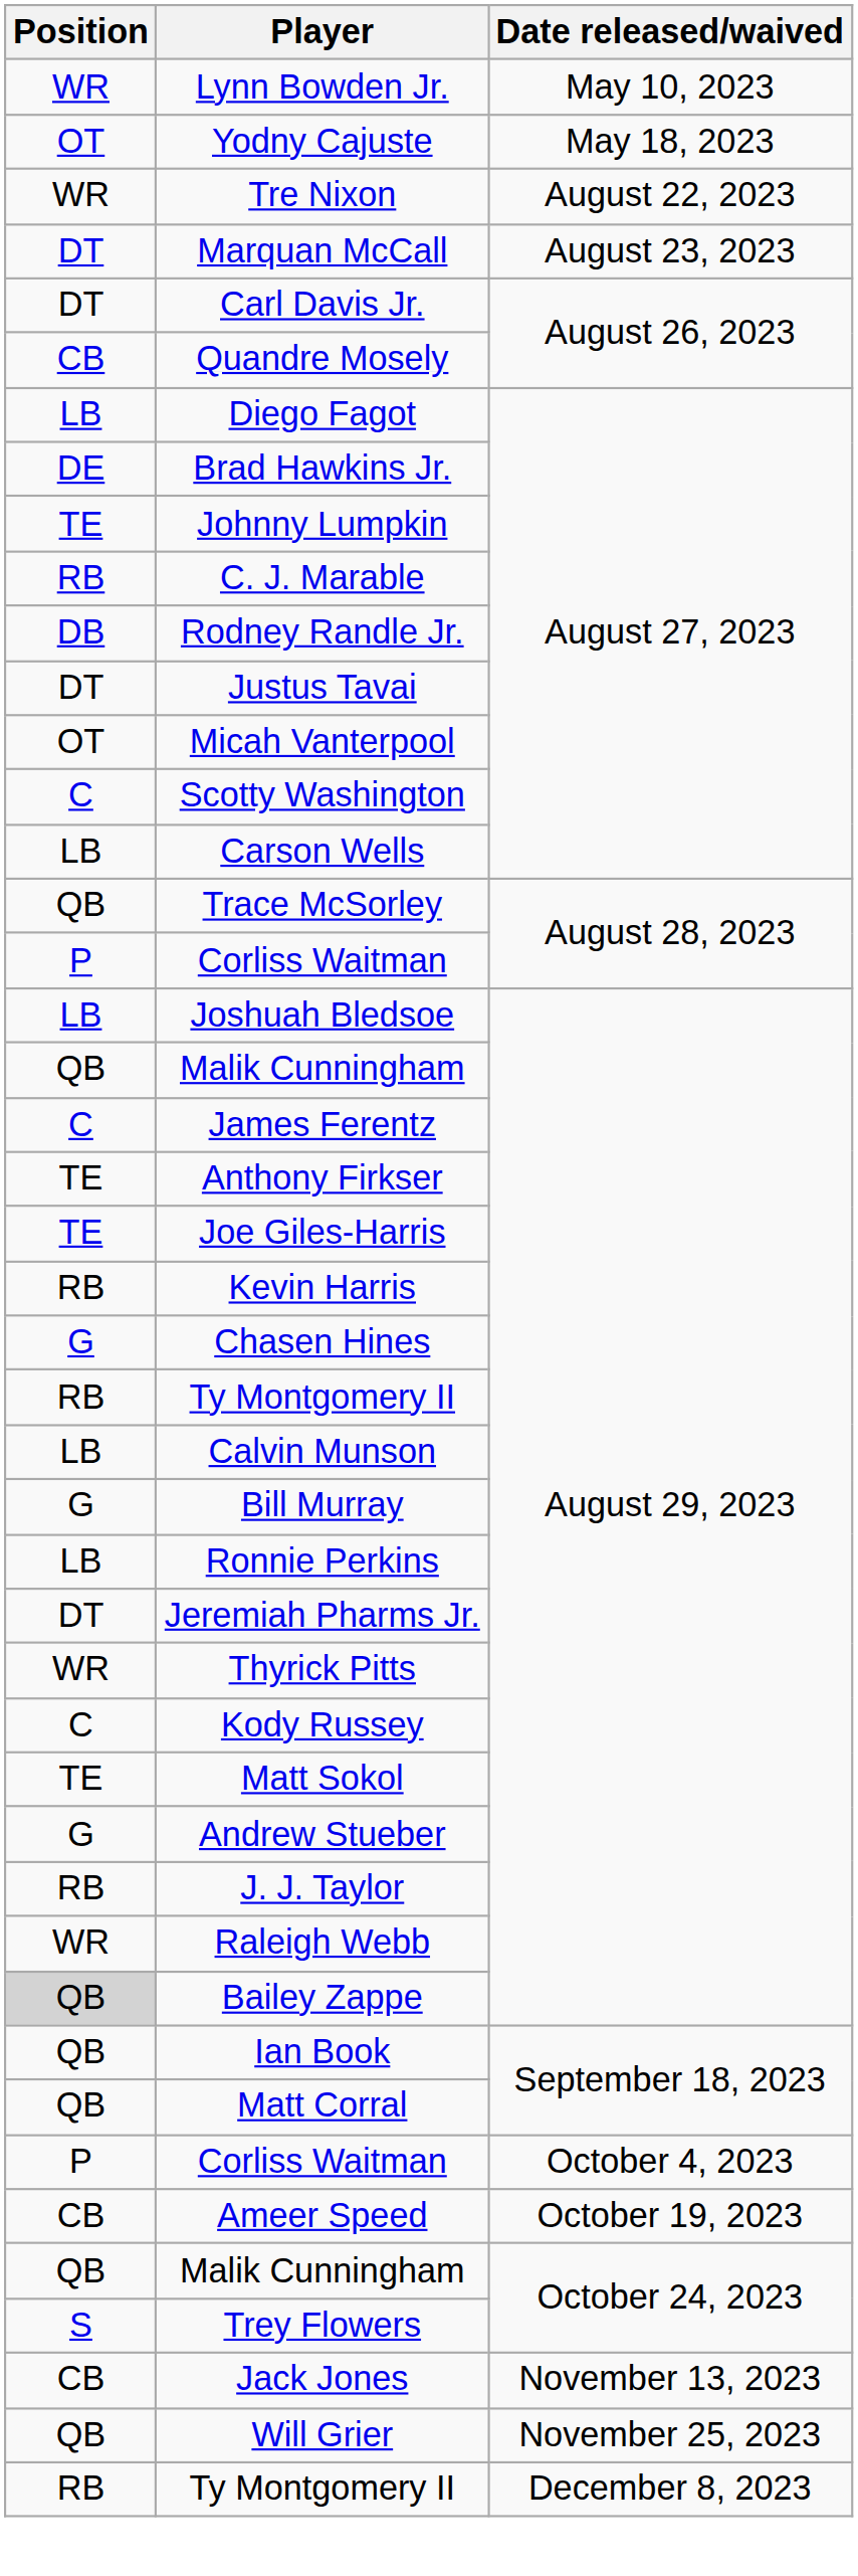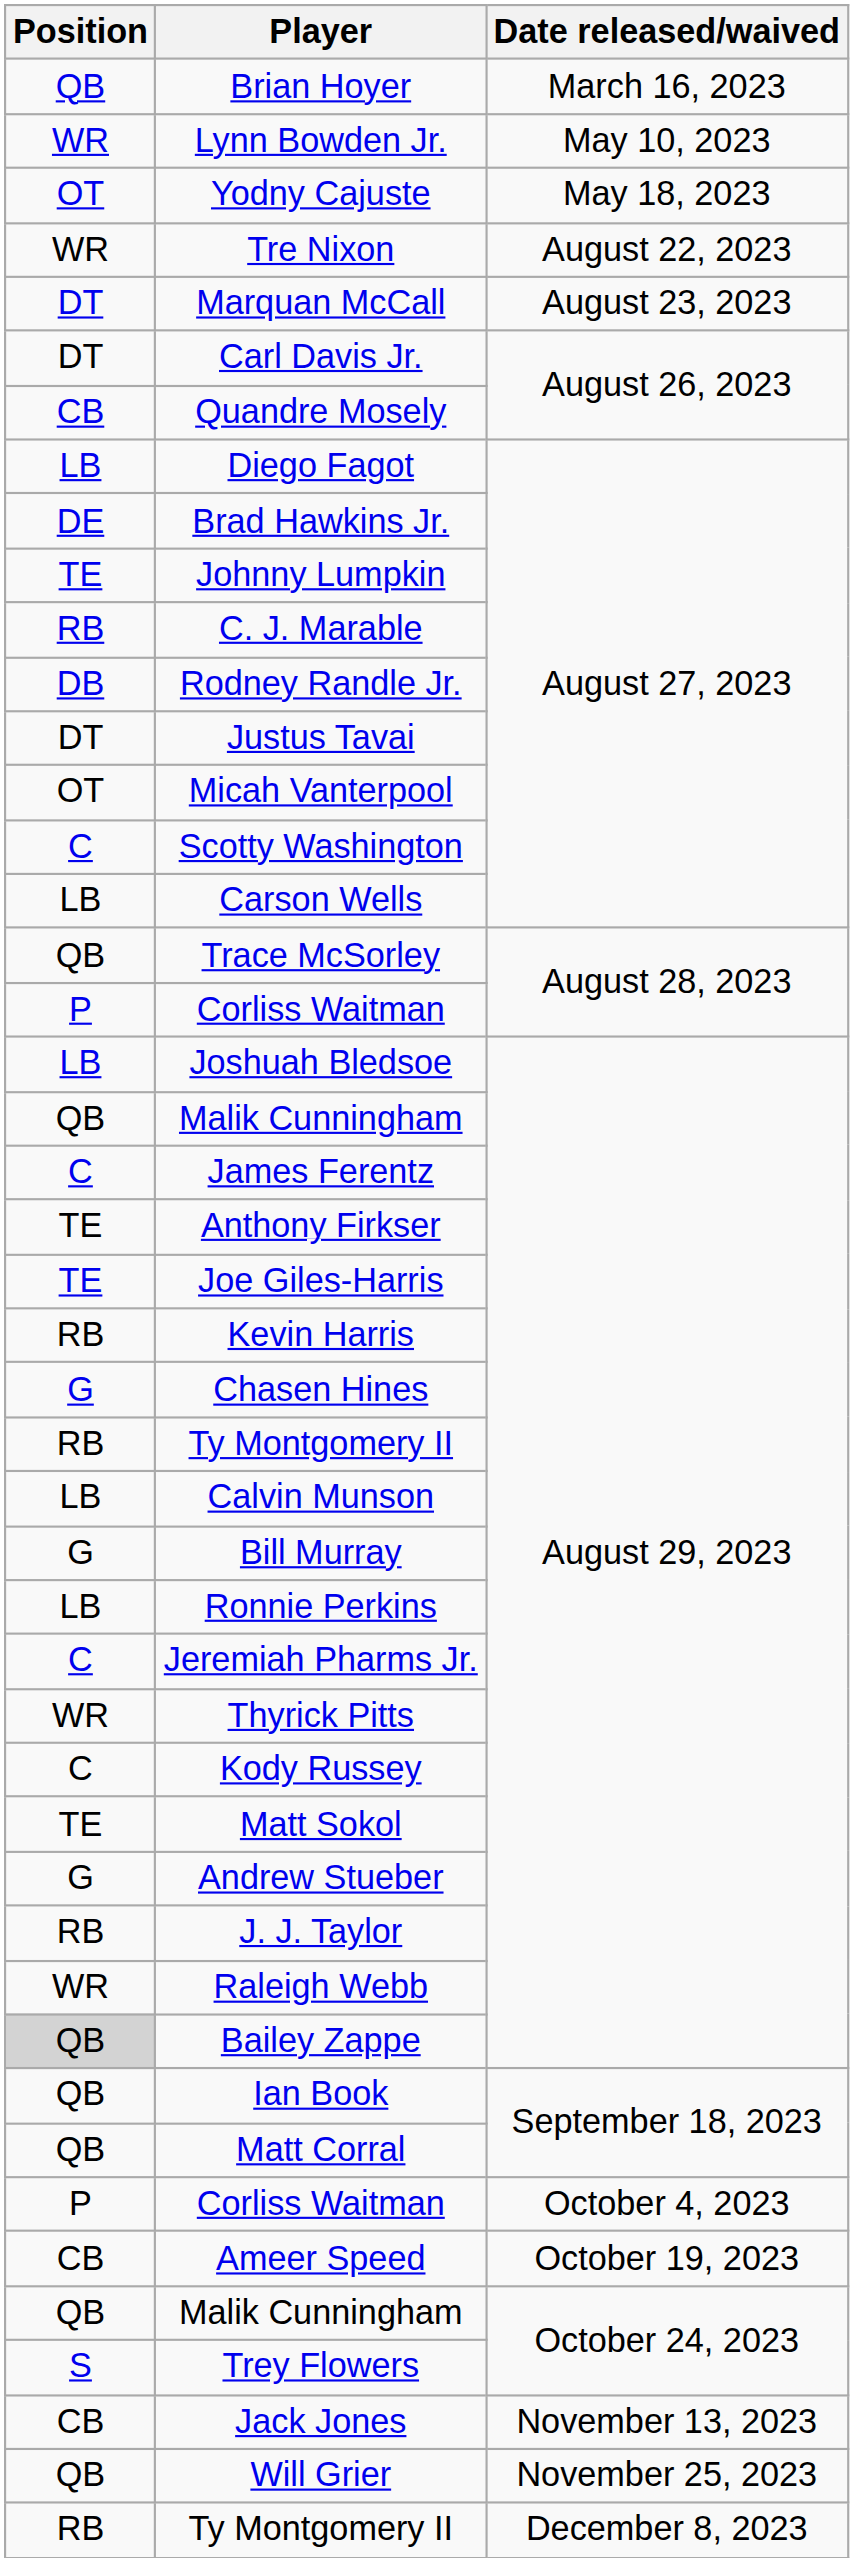 <table class="wikitable" style="text-align:center">
 <tr>
 <th>Position</th>
 <th>Player</th>
 <th>Date released/waived</th>
+</tr>
+<tr>
+<td><a href='#'>QB</a></td>
+<td><a href='#'>Brian Hoyer</a></td>
+<td>March 16, 2023</td>
 </tr>
 <tr>
 <td><a href='#'>WR</a></td>
 <td><a href='#'>Lynn Bowden Jr.</a></td>
 <td>May 10, 2023</td>
 </tr>
 <tr>
 <td><a href='#'>OT</a></td>
 <td><a href='#'>Yodny Cajuste</a></td>
 <td>May 18, 2023</td>
 </tr>
 <tr>
 <td>WR</td>
 <td><a href='#'>Tre Nixon</a></td>
 <td>August 22, 2023</td>
 </tr>
 <tr>
 <td><a href='#'>DT</a></td>
 <td><a href='#'>Marquan McCall</a></td>
 <td>August 23, 2023</td>
 </tr>
 <tr>
 <td>DT</td>
 <td><a href='#'>Carl Davis Jr.</a></td>
 <td rowspan="2">August 26, 2023</td>
 </tr>
 <tr>
 <td><a href='#'>CB</a></td>
 <td><a href='#'>Quandre Mosely</a></td>
 </tr>
 <tr>
 <td><a href='#'>LB</a></td>
 <td><a href='#'>Diego Fagot</a></td>
 <td rowspan="9">August 27, 2023</td>
 </tr>
 <tr>
 <td><a href='#'>DE</a></td>
 <td><a href='#'>Brad Hawkins Jr.</a></td>
 </tr>
 <tr>
 <td><a href='#'>TE</a></td>
 <td><a href='#'>Johnny Lumpkin</a></td>
 </tr>
 <tr>
 <td><a href='#'>RB</a></td>
 <td><a href='#'>C. J. Marable</a></td>
 </tr>
 <tr>
 <td><a href='#'>DB</a></td>
 <td><a href='#'>Rodney Randle Jr.</a></td>
 </tr>
 <tr>
 <td>DT</td>
 <td><a href='#'>Justus Tavai</a></td>
 </tr>
 <tr>
 <td>OT</td>
 <td><a href='#'>Micah Vanterpool</a></td>
 </tr>
 <tr>
 <td><a href='#'>C</a></td>
 <td><a href='#'>Scotty Washington</a></td>
 </tr>
 <tr>
 <td>LB</td>
 <td><a href='#'>Carson Wells</a></td>
 </tr>
 <tr>
 <td>QB</td>
 <td><a href='#'>Trace McSorley</a></td>
 <td rowspan="2">August 28, 2023</td>
 </tr>
 <tr>
 <td><a href='#'>P</a></td>
 <td><a href='#'>Corliss Waitman</a></td>
 </tr>
 <tr>
 <td><a href='#'>LB</a></td>
 <td><a href='#'>Joshuah Bledsoe</a></td>
 <td rowspan="19">August 29, 2023</td>
 </tr>
 <tr>
 <td>QB</td>
 <td><a href='#'>Malik Cunningham</a></td>
 </tr>
 <tr>
 <td><a href='#'>C</a></td>
 <td><a href='#'>James Ferentz</a></td>
 </tr>
 <tr>
 <td>TE</td>
 <td><a href='#'>Anthony Firkser</a></td>
 </tr>
 <tr>
 <td><a href='#'>TE</a></td>
 <td><a href='#'>Joe Giles-Harris</a></td>
 </tr>
 <tr>
 <td>RB</td>
 <td><a href='#'>Kevin Harris</a></td>
 </tr>
 <tr>
 <td><a href='#'>G</a></td>
 <td><a href='#'>Chasen Hines</a></td>
 </tr>
 <tr>
 <td>RB</td>
 <td><a href='#'>Ty Montgomery II</a></td>
 </tr>
 <tr>
 <td>LB</td>
 <td><a href='#'>Calvin Munson</a></td>
 </tr>
 <tr>
 <td>G</td>
 <td><a href='#'>Bill Murray</a></td>
 </tr>
 <tr>
 <td>LB</td>
 <td><a href='#'>Ronnie Perkins</a></td>
 </tr>
 <tr>
-<td>DT</td>
+<td><a href='#'>C</a></td>
 <td><a href='#'>Jeremiah Pharms Jr.</a></td>
 </tr>
 <tr>
 <td>WR</td>
 <td><a href='#'>Thyrick Pitts</a></td>
 </tr>
 <tr>
 <td>C</td>
 <td><a href='#'>Kody Russey</a></td>
 </tr>
 <tr>
 <td>TE</td>
 <td><a href='#'>Matt Sokol</a></td>
 </tr>
 <tr>
 <td>G</td>
 <td><a href='#'>Andrew Stueber</a></td>
 </tr>
 <tr>
 <td>RB</td>
 <td><a href='#'>J. J. Taylor</a></td>
 </tr>
 <tr>
 <td>WR</td>
 <td><a href='#'>Raleigh Webb</a></td>
 </tr>
 <tr>
 <td style="background: lightgrey;">QB</td>
 <td><a href='#'>Bailey Zappe</a></td>
 </tr>
 <tr>
 <td>QB</td>
 <td><a href='#'>Ian Book</a></td>
 <td rowspan="2">September 18, 2023</td>
 </tr>
 <tr>
 <td>QB</td>
 <td><a href='#'>Matt Corral</a></td>
 </tr>
 <tr>
 <td>P</td>
 <td><a href='#'>Corliss Waitman</a></td>
 <td>October 4, 2023</td>
 </tr>
 <tr>
 <td>CB</td>
 <td><a href='#'>Ameer Speed</a></td>
 <td>October 19, 2023</td>
 </tr>
 <tr>
 <td>QB</td>
 <td>Malik Cunningham</td>
 <td rowspan="2">October 24, 2023</td>
 </tr>
 <tr>
 <td><a href='#'>S</a></td>
 <td><a href='#'>Trey Flowers</a></td>
 </tr>
 <tr>
 <td>CB</td>
 <td><a href='#'>Jack Jones</a></td>
 <td>November 13, 2023</td>
 </tr>
 <tr>
 <td>QB</td>
 <td><a href='#'>Will Grier</a></td>
 <td>November 25, 2023</td>
 </tr>
 <tr>
 <td>RB</td>
 <td>Ty Montgomery II</td>
 <td>December 8, 2023</td>
 </tr>
 </table>
